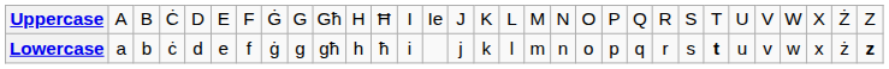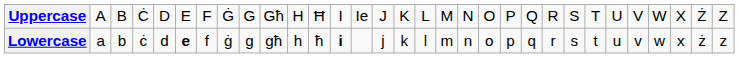 <table class=wikitable style=text-align:center>
 <tr>
 <th><a href='#'>Uppercase</a></th>
 <td width="15">A</td>
 <td width="15">B</td>
 <td width="15">Ċ</td>
 <td width="15">D</td>
 <td width="15">E</td>
 <td width="15">F</td>
 <td width="15">Ġ</td>
 <td width="15">G</td>
 <td width="15">Għ</td>
 <td width="15">H</td>
 <td width="15">Ħ</td>
 <td width="15">I</td>
 <td width="15">Ie</td>
 <td width="15">J</td>
 <td width="15">K</td>
 <td width="15">L</td>
 <td width="15">M</td>
 <td width="15">N</td>
 <td width="15">O</td>
 <td width="15">P</td>
 <td width="15">Q</td>
 <td width="15">R</td>
 <td width="15">S</td>
 <td width="15">T</td>
 <td width="15">U</td>
 <td width="15">V</td>
 <td width="15">W</td>
 <td width="15">X</td>
 <td width="15">Ż</td>
 <td width="15">Z</td>
 </tr>
 <tr>
 <th><a href='#'>Lowercase</a></th>
 <td>a</td>
 <td>b</td>
 <td>ċ</td>
 <td>d</td>
-<td>e</td>
+<td><strong>e</strong></td>
 <td>f</td>
 <td>ġ</td>
 <td>g</td>
 <td>għ</td>
 <td>h</td>
 <td>ħ</td>
-<td>i</td>
+<td><strong>i</strong></td>
 <td></td>
 <td>j</td>
 <td>k</td>
 <td>l</td>
 <td>m</td>
 <td>n</td>
 <td>o</td>
 <td>p</td>
 <td>q</td>
 <td>r</td>
 <td>s</td>
-<td><strong>t</strong></td>
+<td>t</td>
 <td>u</td>
 <td>v</td>
 <td>w</td>
 <td>x</td>
 <td>ż</td>
-<td><strong>z</strong></td>
+<td>z</td>
 </tr>
 </table>
